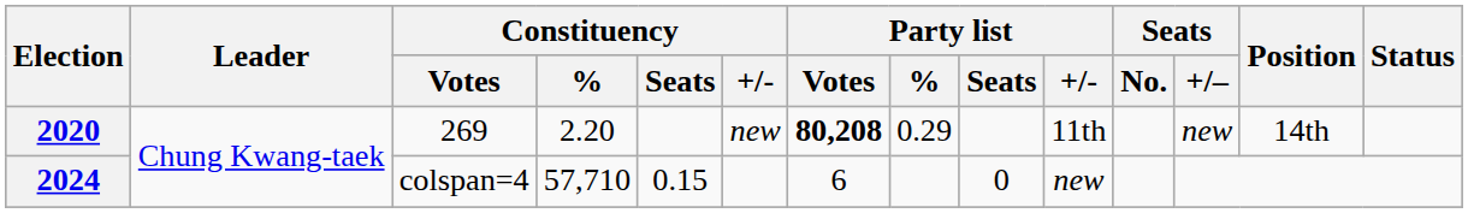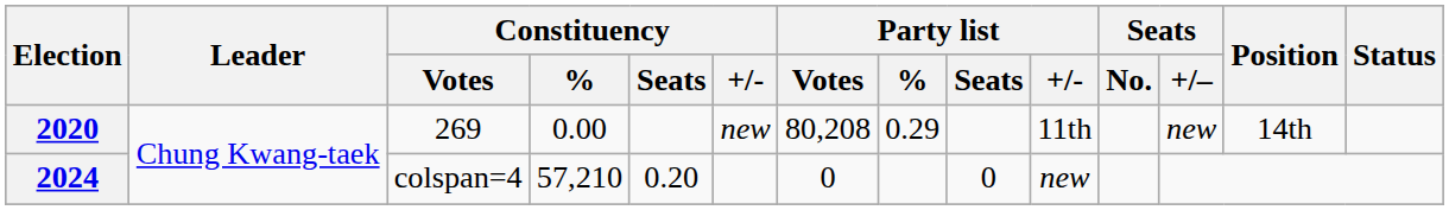 <table class="wikitable" style="text-align:center">
 <tr>
 <th rowspan="2">Election</th>
 <th rowspan="2">Leader</th>
 <th colspan="4">Constituency</th>
 <th colspan="4">Party list</th>
 <th colspan="2">Seats</th>
 <th rowspan="2">Position</th>
 <th rowspan="2">Status</th>
 </tr>
 <tr>
 <th>Votes</th>
 <th>%</th>
 <th>Seats</th>
 <th>+/-</th>
 <th>Votes</th>
 <th>%</th>
 <th>Seats</th>
 <th>+/-</th>
 <th>No.</th>
 <th>+/–</th>
 </tr>
 <tr>
 <th><a href='#'>2020</a></th>
 <td rowspan=2><a href='#'>Chung Kwang-taek</a></td>
 <td>269</td>
-<td>2.20</td>
+<td>0.00</td>
 <td></td>
 <td><em>new</em></td>
-<td><strong>80,208</strong></td>
+<td>80,208</td>
 <td>0.29</td>
 <td></td>
 <td> 11th</td>
 <td></td>
 <td><em>new</em></td>
 <td> 14th</td>
 <td></td>
 </tr>
 <tr>
 <th><a href='#'>2024</a></th>
 <td>colspan=4 </td>
-<td>57,710</td>
-<td>0.15</td>
+<td>57,210</td>
+<td>0.20</td>
 <td></td>
-<td> 6</td>
+<td> 0</td>
 <td></td>
 <td> 0</td>
 <td><em>new</em></td>
 <td></td>
 </tr>
 </table>
